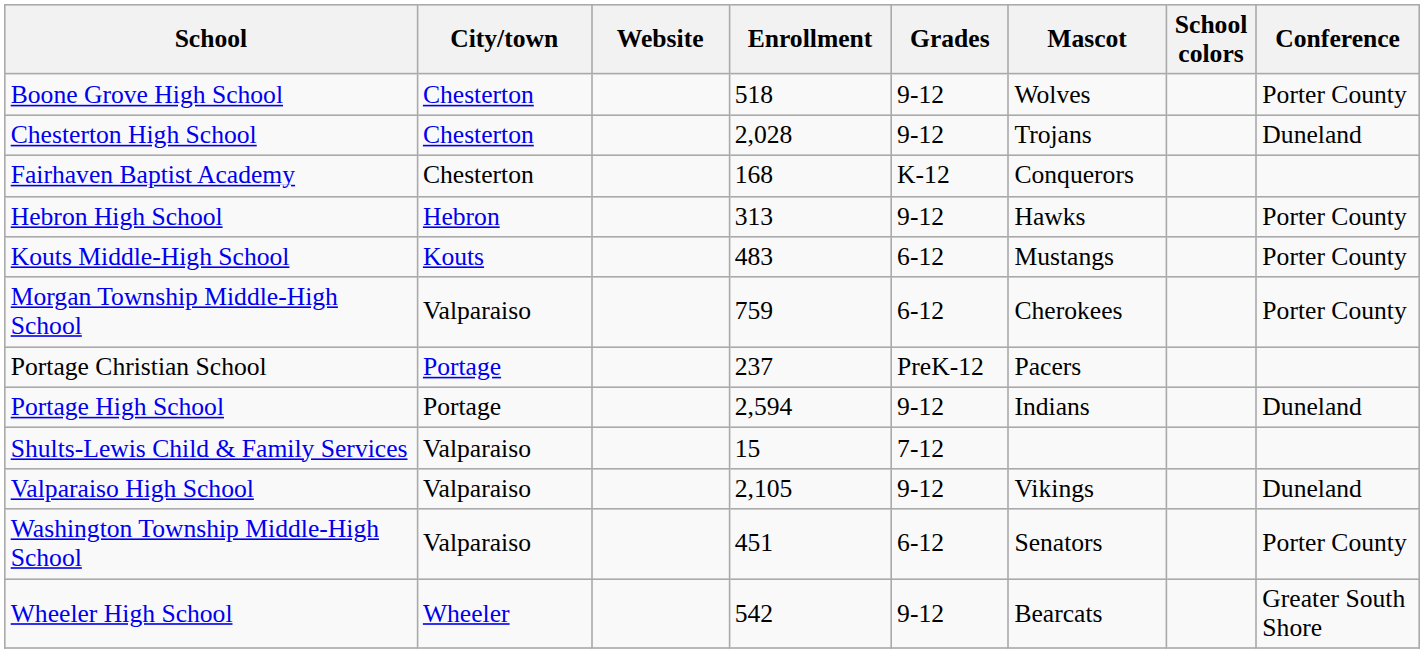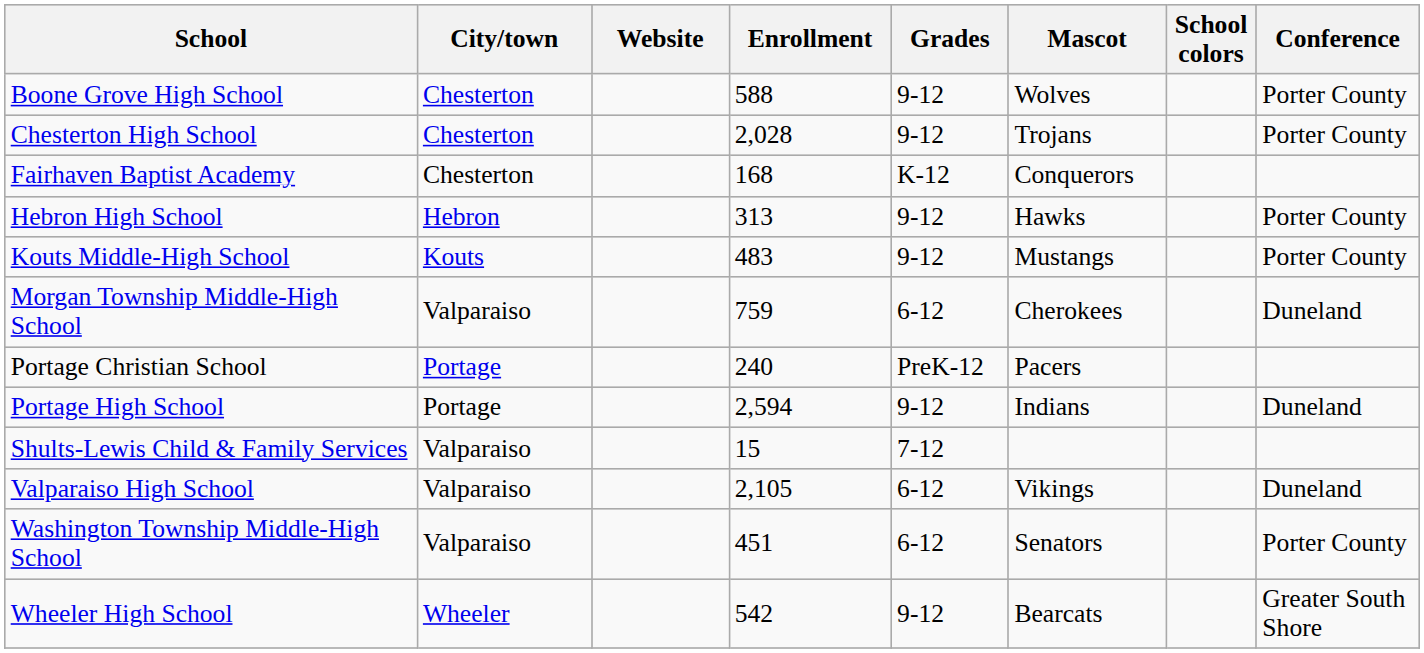 <table class="wikitable sortable" width="70%">
 <tr>
 <th width="20%">School</th>
 <th width="08%">City/town</th>
 <th width="06%">Website</th>
 <th width="04%">Enrollment</th>
 <th width="04%">Grades</th>
 <th width="04%">Mascot</th>
 <th width=01%>School colors</th>
 <th width="04%">Conference</th>
 </tr>
 <tr>
 <td><a href='#'>Boone Grove High School</a></td>
 <td><a href='#'>Chesterton</a></td>
 <td></td>
-<td>518</td>
+<td>588</td>
 <td>9-12</td>
 <td>Wolves</td>
 <td> </td>
 <td>Porter County</td>
 </tr>
 <tr>
 <td><a href='#'>Chesterton High School</a></td>
 <td><a href='#'>Chesterton</a></td>
 <td></td>
 <td>2,028</td>
 <td>9-12</td>
 <td>Trojans</td>
 <td> </td>
-<td>Duneland</td>
+<td>Porter County</td>
 </tr>
 <tr>
 <td><a href='#'>Fairhaven Baptist Academy</a></td>
 <td>Chesterton</td>
 <td></td>
 <td>168</td>
 <td>K-12</td>
 <td>Conquerors</td>
 <td> </td>
 <td></td>
 </tr>
 <tr>
 <td><a href='#'>Hebron High School</a></td>
 <td><a href='#'>Hebron</a></td>
 <td></td>
 <td>313</td>
 <td>9-12</td>
 <td>Hawks</td>
 <td> </td>
 <td>Porter County</td>
 </tr>
 <tr>
 <td><a href='#'>Kouts Middle-High School</a></td>
 <td><a href='#'>Kouts</a></td>
 <td></td>
 <td>483</td>
-<td>6-12</td>
+<td>9-12</td>
 <td>Mustangs</td>
 <td> </td>
 <td>Porter County</td>
 </tr>
 <tr>
 <td><a href='#'>Morgan Township Middle-High School</a></td>
 <td>Valparaiso</td>
 <td></td>
 <td>759</td>
 <td>6-12</td>
 <td>Cherokees</td>
 <td> </td>
-<td>Porter County</td>
+<td>Duneland</td>
 </tr>
 <tr>
 <td>Portage Christian School</td>
 <td><a href='#'>Portage</a></td>
 <td></td>
-<td>237</td>
+<td>240</td>
 <td>PreK-12</td>
 <td>Pacers</td>
 <td> </td>
 <td></td>
 </tr>
 <tr>
 <td><a href='#'>Portage High School</a></td>
 <td>Portage</td>
 <td></td>
 <td>2,594</td>
 <td>9-12</td>
 <td>Indians</td>
 <td>  </td>
 <td>Duneland</td>
 </tr>
 <tr>
 <td><a href='#'>Shults-Lewis Child & Family Services</a></td>
 <td>Valparaiso</td>
 <td></td>
 <td>15</td>
 <td>7-12</td>
 <td></td>
 <td></td>
 <td></td>
 </tr>
 <tr>
 <td><a href='#'>Valparaiso High School</a></td>
 <td>Valparaiso</td>
 <td></td>
 <td>2,105</td>
-<td>9-12</td>
+<td>6-12</td>
 <td>Vikings</td>
 <td> </td>
 <td>Duneland</td>
 </tr>
 <tr>
 <td><a href='#'>Washington Township Middle-High School</a></td>
 <td>Valparaiso</td>
 <td></td>
 <td>451</td>
 <td>6-12</td>
 <td>Senators</td>
 <td> </td>
 <td>Porter County</td>
 </tr>
 <tr>
 <td><a href='#'>Wheeler High School</a></td>
 <td><a href='#'>Wheeler</a></td>
 <td></td>
 <td>542</td>
 <td>9-12</td>
 <td>Bearcats</td>
 <td>  </td>
 <td>Greater South Shore</td>
 </tr>
 </table>
